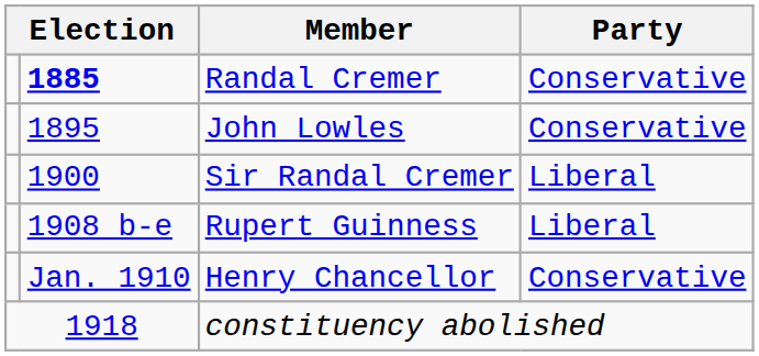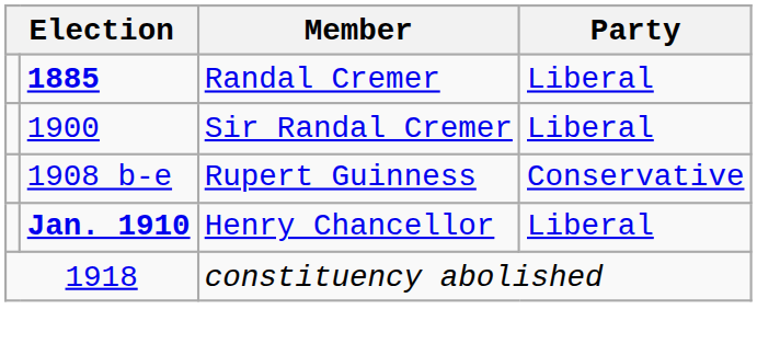 <table class="wikitable">
 <tr>
 <th colspan="2">Election</th>
 <th>Member</th>
 <th>Party</th>
 </tr>
 <tr>
 <td style="color:inherit;background-color: "></td>
 <td><strong><a href='#'>1885</a></strong></td>
 <td><a href='#'>Randal Cremer</a></td>
-<td><a href='#'>Conservative</a></td>
-</tr>
-<tr>
-<td style="color:inherit;background-color: "></td>
-<td><a href='#'>1895</a></td>
-<td><a href='#'>John Lowles</a></td>
-<td><a href='#'>Conservative</a></td>
+<td><a href='#'>Liberal</a></td>
 </tr>
 <tr>
 <td style="color:inherit;background-color: "></td>
 <td><a href='#'>1900</a></td>
 <td><a href='#'>Sir Randal Cremer</a></td>
 <td><a href='#'>Liberal</a></td>
 </tr>
 <tr>
 <td style="color:inherit;background-color: "></td>
 <td><a href='#'>1908 b-e</a></td>
 <td><a href='#'>Rupert Guinness</a></td>
-<td><a href='#'>Liberal</a></td>
+<td><a href='#'>Conservative</a></td>
 </tr>
 <tr>
 <td style="color:inherit;background-color: "></td>
-<td><a href='#'>Jan. 1910</a></td>
+<td><strong><a href='#'>Jan. 1910</a></strong></td>
 <td><a href='#'>Henry Chancellor</a></td>
-<td><a href='#'>Conservative</a></td>
+<td><a href='#'>Liberal</a></td>
 </tr>
 <tr>
 <td colspan="2" align="center"><a href='#'>1918</a></td>
 <td colspan="2"><em>constituency abolished</em></td>
 </tr>
 </table>
